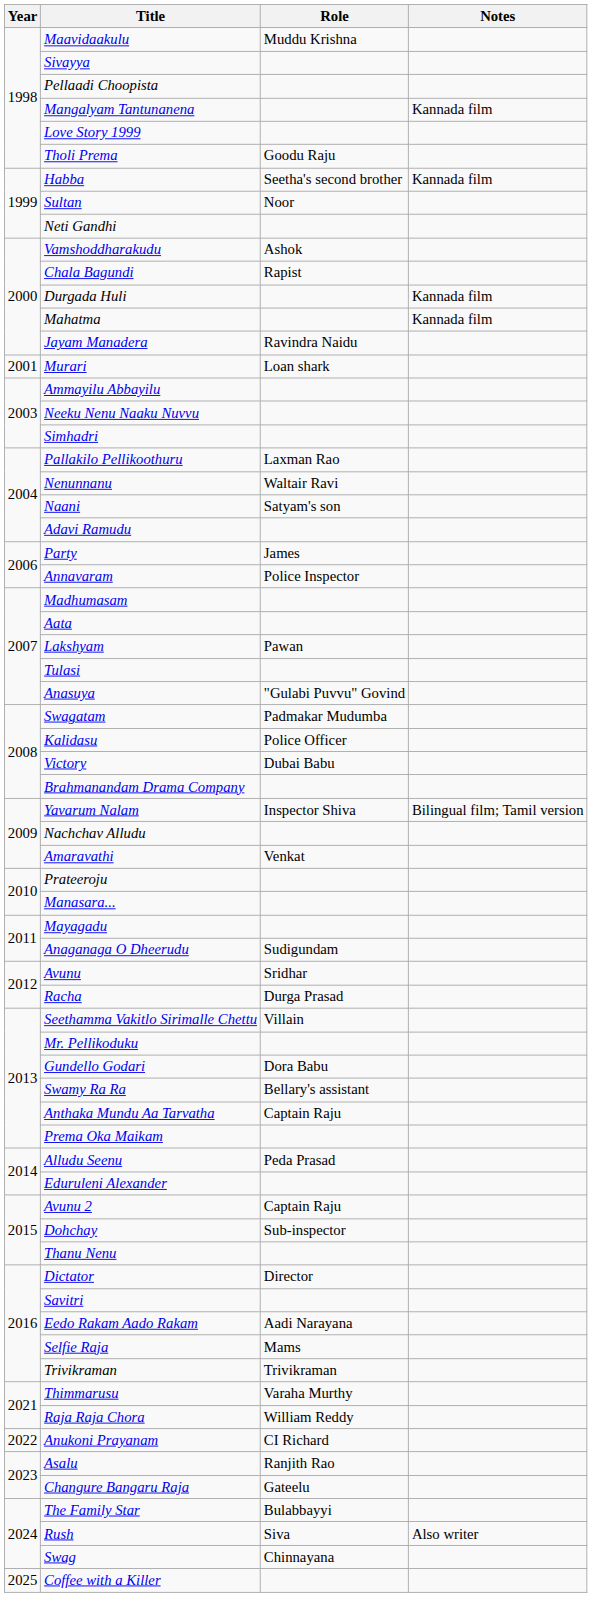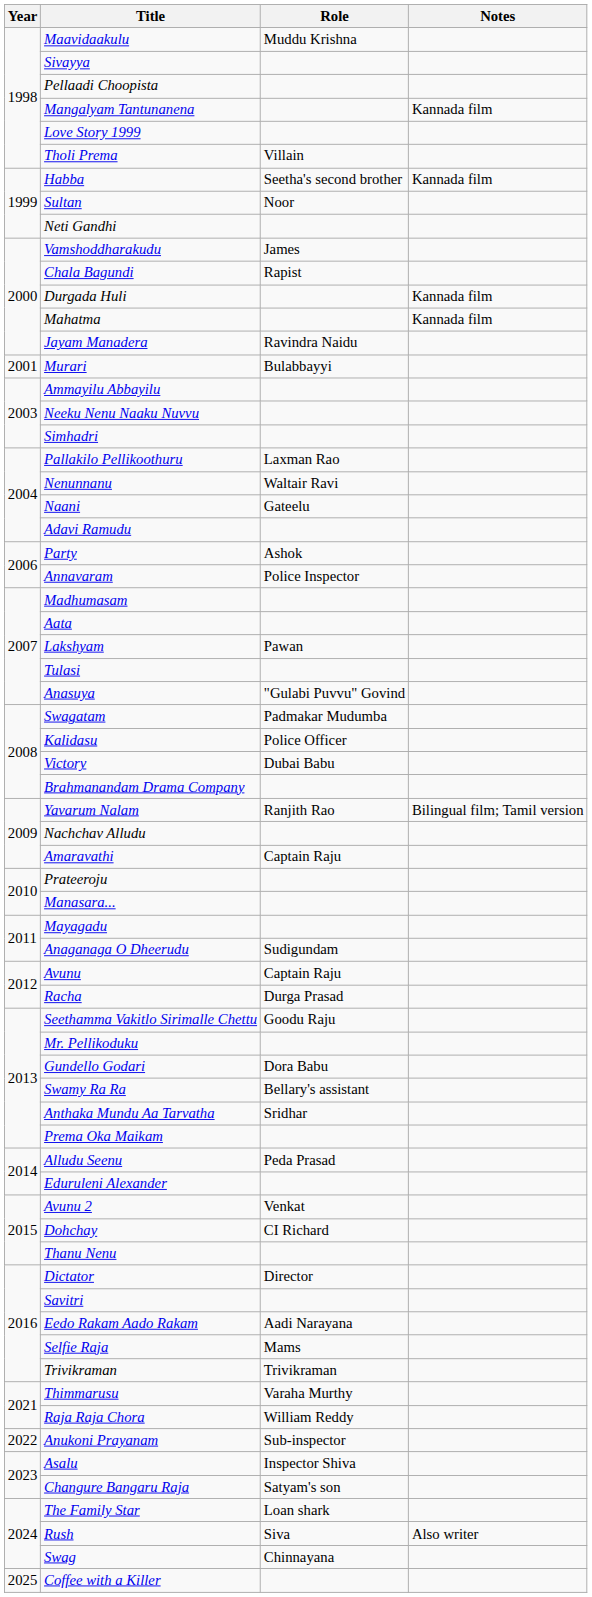 <table class="wikitable sortable">
 <tr>
 <th>Year</th>
 <th>Title</th>
 <th>Role</th>
 <th>Notes</th>
 </tr>
 <tr>
 <td rowspan="6">1998</td>
 <td><em><a href='#'>Maavidaakulu</a></em></td>
 <td>Muddu Krishna</td>
 <td></td>
 </tr>
 <tr>
 <td><em><a href='#'>Sivayya</a></em></td>
 <td></td>
 <td></td>
 </tr>
 <tr>
 <td><em>Pellaadi Choopista</em></td>
 <td></td>
 <td></td>
 </tr>
 <tr>
 <td><em><a href='#'>Mangalyam Tantunanena</a></em></td>
 <td></td>
 <td>Kannada film</td>
 </tr>
 <tr>
 <td><em><a href='#'>Love Story 1999</a></em></td>
 <td></td>
 <td></td>
 </tr>
 <tr>
 <td><em><a href='#'>Tholi Prema</a></em></td>
-<td>Goodu Raju</td>
+<td>Villain</td>
 <td></td>
 </tr>
 <tr>
 <td rowspan="3">1999</td>
 <td><em><a href='#'>Habba</a></em></td>
 <td>Seetha's second brother</td>
 <td>Kannada film</td>
 </tr>
 <tr>
 <td><em><a href='#'>Sultan</a></em></td>
 <td>Noor</td>
 <td></td>
 </tr>
 <tr>
 <td><em>Neti Gandhi</em></td>
 <td></td>
 <td></td>
 </tr>
 <tr>
 <td rowspan="5">2000</td>
 <td><em><a href='#'>Vamshoddharakudu</a></em></td>
-<td>Ashok</td>
+<td>James</td>
 <td></td>
 </tr>
 <tr>
 <td><em><a href='#'>Chala Bagundi</a></em></td>
 <td>Rapist</td>
 <td></td>
 </tr>
 <tr>
 <td><em>Durgada Huli</em></td>
 <td></td>
 <td>Kannada film</td>
 </tr>
 <tr>
 <td><em>Mahatma</em></td>
 <td></td>
 <td>Kannada film</td>
 </tr>
 <tr>
 <td><em><a href='#'>Jayam Manadera</a></em></td>
 <td>Ravindra Naidu</td>
 <td></td>
 </tr>
 <tr>
 <td>2001</td>
 <td><em><a href='#'>Murari</a></em></td>
-<td>Loan shark</td>
+<td>Bulabbayyi</td>
 <td></td>
 </tr>
 <tr>
 <td rowspan="3">2003</td>
 <td><em><a href='#'>Ammayilu Abbayilu</a></em></td>
 <td></td>
 <td></td>
 </tr>
 <tr>
 <td><em><a href='#'>Neeku Nenu Naaku Nuvvu</a></em></td>
 <td></td>
 <td></td>
 </tr>
 <tr>
 <td><em><a href='#'>Simhadri</a></em></td>
 <td></td>
 <td></td>
 </tr>
 <tr>
 <td rowspan="4">2004</td>
 <td><em><a href='#'>Pallakilo Pellikoothuru</a></em></td>
 <td>Laxman Rao</td>
 <td></td>
 </tr>
 <tr>
 <td><em><a href='#'>Nenunnanu</a></em></td>
 <td>Waltair Ravi</td>
 <td></td>
 </tr>
 <tr>
 <td><em><a href='#'>Naani</a></em></td>
-<td>Satyam's son</td>
+<td>Gateelu</td>
 <td></td>
 </tr>
 <tr>
 <td><em><a href='#'>Adavi Ramudu</a></em></td>
 <td></td>
 <td></td>
 </tr>
 <tr>
 <td rowspan="2">2006</td>
 <td><em><a href='#'>Party</a></em></td>
-<td>James</td>
+<td>Ashok</td>
 <td></td>
 </tr>
 <tr>
 <td><em><a href='#'>Annavaram</a></em></td>
 <td>Police Inspector</td>
 <td></td>
 </tr>
 <tr>
 <td rowspan="5">2007</td>
 <td><em><a href='#'>Madhumasam</a></em></td>
 <td></td>
 <td></td>
 </tr>
 <tr>
 <td><em><a href='#'>Aata</a></em></td>
 <td></td>
 <td></td>
 </tr>
 <tr>
 <td><em><a href='#'>Lakshyam</a></em></td>
 <td>Pawan</td>
 <td></td>
 </tr>
 <tr>
 <td><em><a href='#'>Tulasi</a></em></td>
 <td></td>
 <td></td>
 </tr>
 <tr>
 <td><em><a href='#'>Anasuya</a></em></td>
 <td>"Gulabi Puvvu" Govind</td>
 <td></td>
 </tr>
 <tr>
 <td rowspan="4">2008</td>
 <td><em><a href='#'>Swagatam</a></em></td>
 <td>Padmakar Mudumba</td>
 <td></td>
 </tr>
 <tr>
 <td><em><a href='#'>Kalidasu</a></em></td>
 <td>Police Officer</td>
 <td></td>
 </tr>
 <tr>
 <td><em><a href='#'>Victory</a></em></td>
 <td>Dubai Babu</td>
 <td></td>
 </tr>
 <tr>
 <td><em><a href='#'>Brahmanandam Drama Company</a></em></td>
 <td></td>
 <td></td>
 </tr>
 <tr>
 <td rowspan="3">2009</td>
 <td><em><a href='#'>Yavarum Nalam</a></em></td>
-<td>Inspector Shiva</td>
+<td>Ranjith Rao</td>
 <td>Bilingual film; Tamil version</td>
 </tr>
 <tr>
 <td><em>Nachchav Alludu</em></td>
 <td></td>
 <td></td>
 </tr>
 <tr>
 <td><em><a href='#'>Amaravathi</a></em></td>
-<td>Venkat</td>
+<td>Captain Raju</td>
 <td></td>
 </tr>
 <tr>
 <td rowspan="2">2010</td>
 <td><em>Prateeroju</em></td>
 <td></td>
 <td></td>
 </tr>
 <tr>
 <td><em><a href='#'>Manasara...</a></em></td>
 <td></td>
 <td></td>
 </tr>
 <tr>
 <td rowspan="2">2011</td>
 <td><em><a href='#'>Mayagadu</a></em></td>
 <td></td>
 <td></td>
 </tr>
 <tr>
 <td><em><a href='#'>Anaganaga O Dheerudu</a></em></td>
 <td>Sudigundam</td>
 <td></td>
 </tr>
 <tr>
 <td rowspan="2">2012</td>
 <td><em><a href='#'>Avunu</a></em></td>
-<td>Sridhar</td>
+<td>Captain Raju</td>
 <td></td>
 </tr>
 <tr>
 <td><em><a href='#'>Racha</a></em></td>
 <td>Durga Prasad</td>
 <td></td>
 </tr>
 <tr>
 <td rowspan="6">2013</td>
 <td><em><a href='#'>Seethamma Vakitlo Sirimalle Chettu</a></em></td>
-<td>Villain</td>
+<td>Goodu Raju</td>
 <td></td>
 </tr>
 <tr>
 <td><em><a href='#'>Mr. Pellikoduku</a></em></td>
 <td></td>
 <td></td>
 </tr>
 <tr>
 <td><em><a href='#'>Gundello Godari</a></em></td>
 <td>Dora Babu</td>
 <td></td>
 </tr>
 <tr>
 <td><em><a href='#'>Swamy Ra Ra</a></em></td>
 <td>Bellary's assistant</td>
 <td></td>
 </tr>
 <tr>
 <td><em><a href='#'>Anthaka Mundu Aa Tarvatha</a></em></td>
-<td>Captain Raju</td>
+<td>Sridhar</td>
 <td></td>
 </tr>
 <tr>
 <td><em><a href='#'>Prema Oka Maikam</a></em></td>
 <td></td>
 <td></td>
 </tr>
 <tr>
 <td rowspan="2">2014</td>
 <td><em><a href='#'>Alludu Seenu</a></em></td>
 <td>Peda Prasad</td>
 <td></td>
 </tr>
 <tr>
 <td><em><a href='#'>Eduruleni Alexander</a></em></td>
 <td></td>
 <td></td>
 </tr>
 <tr>
 <td rowspan="3">2015</td>
 <td><em><a href='#'>Avunu 2</a></em></td>
-<td>Captain Raju</td>
+<td>Venkat</td>
 <td></td>
 </tr>
 <tr>
 <td><em><a href='#'>Dohchay</a></em></td>
-<td>Sub-inspector</td>
+<td>CI Richard</td>
 <td></td>
 </tr>
 <tr>
 <td><em><a href='#'>Thanu Nenu</a></em></td>
 <td></td>
 <td></td>
 </tr>
 <tr>
 <td rowspan="5">2016</td>
 <td><em><a href='#'>Dictator</a></em></td>
 <td>Director</td>
 <td></td>
 </tr>
 <tr>
 <td><em><a href='#'>Savitri</a></em></td>
 <td></td>
 <td></td>
 </tr>
 <tr>
 <td><em><a href='#'>Eedo Rakam Aado Rakam</a></em></td>
 <td>Aadi Narayana</td>
 <td></td>
 </tr>
 <tr>
 <td><em><a href='#'>Selfie Raja</a></em></td>
 <td>Mams</td>
 <td></td>
 </tr>
 <tr>
 <td><em>Trivikraman</em></td>
 <td>Trivikraman</td>
 <td></td>
 </tr>
 <tr>
 <td rowspan="2">2021</td>
 <td><em><a href='#'>Thimmarusu</a></em></td>
 <td>Varaha Murthy</td>
 <td></td>
 </tr>
 <tr>
 <td><em><a href='#'>Raja Raja Chora</a></em></td>
 <td>William Reddy</td>
 <td></td>
 </tr>
 <tr>
 <td>2022</td>
 <td><em><a href='#'>Anukoni Prayanam</a></em></td>
-<td>CI Richard</td>
+<td>Sub-inspector</td>
 <td></td>
 </tr>
 <tr>
 <td rowspan="2">2023</td>
 <td><em><a href='#'>Asalu</a></em></td>
-<td>Ranjith Rao</td>
+<td>Inspector Shiva</td>
 <td></td>
 </tr>
 <tr>
 <td><em><a href='#'>Changure Bangaru Raja</a></em></td>
-<td>Gateelu</td>
+<td>Satyam's son</td>
 <td></td>
 </tr>
 <tr>
 <td rowspan="3">2024</td>
 <td><em><a href='#'>The Family Star</a></em></td>
-<td>Bulabbayyi</td>
+<td>Loan shark</td>
 <td></td>
 </tr>
 <tr>
 <td><em><a href='#'>Rush</a></em></td>
 <td>Siva</td>
 <td>Also writer</td>
 </tr>
 <tr>
 <td><a href='#'><em>Swag</em></a></td>
 <td>Chinnayana</td>
 <td></td>
 </tr>
 <tr>
 <td>2025</td>
 <td><a href='#'><em>Coffee with a Killer</em></a></td>
 <td></td>
 <td></td>
 </tr>
 </table>
